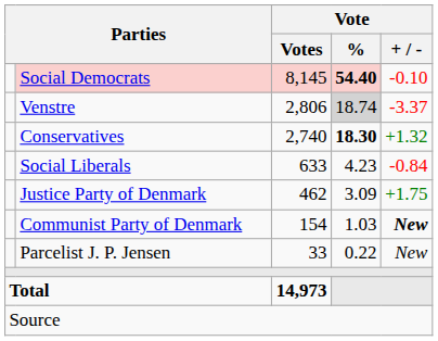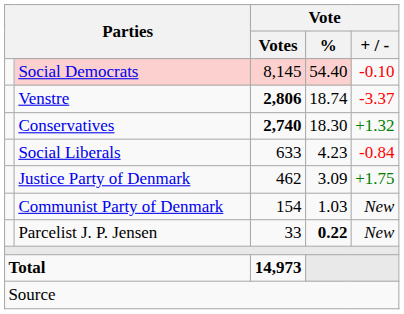 <table class="wikitable" style="text-align:right;">
 <tr>
 <th style="text-align:centre;" rowspan="2" colspan="2" width="225">Parties</th>
 <th colspan="3">Vote</th>
 </tr>
 <tr>
 <th width="15">Votes</th>
 <th width="15">%</th>
 <th width="15">+ / -</th>
 </tr>
 <tr>
 <td width="2" style="color:inherit;background:"></td>
 <td bgcolor=#fbd0ce  align="left"><a href='#'>Social Democrats</a></td>
 <td bgcolor=#fbd0ce>8,145</td>
-<td bgcolor=#fbd0ce><strong>54.40</strong></td>
+<td bgcolor=#fbd0ce>54.40</td>
 <td style=color:red;>-0.10</td>
 </tr>
 <tr>
 <td width="2" style="color:inherit;background:"></td>
 <td align="left"><a href='#'>Venstre</a></td>
-<td>2,806</td>
-<td style="background: lightgrey;">18.74</td>
+<td><strong>2,806</strong></td>
+<td>18.74</td>
 <td style=color:red;>-3.37</td>
 </tr>
 <tr>
 <td width="2" style="color:inherit;background:"></td>
 <td align="left"><a href='#'>Conservatives</a></td>
-<td>2,740</td>
-<td><strong>18.30</strong></td>
+<td><strong>2,740</strong></td>
+<td>18.30</td>
 <td style=color:green;>+1.32</td>
 </tr>
 <tr>
 <td width="2" style="color:inherit;background:"></td>
 <td align="left"><a href='#'>Social Liberals</a></td>
 <td>633</td>
 <td>4.23</td>
 <td style=color:red;>-0.84</td>
 </tr>
 <tr>
 <td width="2" style="color:inherit;background:"></td>
 <td align="left"><a href='#'>Justice Party of Denmark</a></td>
 <td>462</td>
 <td>3.09</td>
 <td style=color:green;>+1.75</td>
 </tr>
 <tr>
 <td width="2" style="color:inherit;background:"></td>
 <td align="left"><a href='#'>Communist Party of Denmark</a></td>
 <td>154</td>
 <td>1.03</td>
-<td><strong><em>New</em></strong></td>
+<td><em>New</em></td>
 </tr>
 <tr>
 <td width="2" style="color:inherit;background:"></td>
 <td align="left">Parcelist J. P. Jensen</td>
 <td>33</td>
-<td>0.22</td>
+<td><strong>0.22</strong></td>
 <td><em>New</em></td>
 </tr>
 <tr>
 <td colspan="7" bgcolor="#E9E9E9"></td>
 </tr>
 <tr>
 <td align="left" colspan="2"><strong>Total</strong></td>
 <td><strong>14,973</strong></td>
 <td bgcolor="#E9E9E9" colspan="2"></td>
 </tr>
 <tr>
 <td align="left" colspan="6">Source</td>
 </tr>
 </table>
